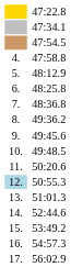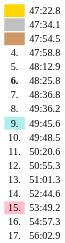 <table style="text-align:center">
 <tr>
 <td width=30 style="background:gold;"></td>
 <td align=left></td>
 <td>47:22.8</td>
 </tr>
 <tr>
 <td style="background:silver;"></td>
 <td align=left></td>
 <td>47:34.1</td>
 </tr>
 <tr>
 <td style="background:#cc9966;"></td>
 <td align=left></td>
 <td>47:54.5</td>
 </tr>
 <tr>
 <td>4.</td>
 <td align=left></td>
 <td>47:58.8</td>
 </tr>
 <tr>
 <td>5.</td>
 <td align=left></td>
 <td>48:12.9</td>
 </tr>
 <tr>
-<td>6.</td>
+<td><strong>6.</strong></td>
 <td align=left></td>
 <td>48:25.8</td>
 </tr>
 <tr>
 <td>7.</td>
 <td align=left></td>
 <td>48:36.8</td>
 </tr>
 <tr>
 <td>8.</td>
 <td align=left></td>
 <td>49:36.2</td>
 </tr>
 <tr>
-<td>9.</td>
+<td style="background: paleturquoise;">9.</td>
 <td align=left></td>
 <td>49:45.6</td>
 </tr>
 <tr>
 <td>10.</td>
 <td align=left></td>
 <td>49:48.5</td>
 </tr>
 <tr>
 <td>11.</td>
 <td align=left></td>
 <td>50:20.6</td>
 </tr>
 <tr>
-<td style="background: lightblue;">12.</td>
+<td>12.</td>
 <td align=left></td>
 <td>50:55.3</td>
 </tr>
 <tr>
 <td>13.</td>
 <td align=left></td>
 <td>51:01.3</td>
 </tr>
 <tr>
 <td>14.</td>
 <td align=left></td>
 <td>52:44.6</td>
 </tr>
 <tr>
-<td>15.</td>
+<td style="background: pink;">15.</td>
 <td align=left></td>
 <td>53:49.2</td>
 </tr>
 <tr>
 <td>16.</td>
 <td align=left></td>
 <td>54:57.3</td>
 </tr>
 <tr>
 <td>17.</td>
 <td align=left></td>
 <td>56:02.9</td>
 </tr>
 </table>
